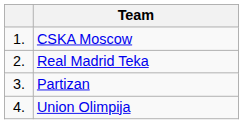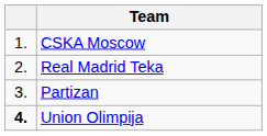 <table class="wikitable" style="text-align:center">
 <tr>
 <th width=25></th>
 <th width=220>Team</th>
 </tr>
 <tr>
 <td>1.</td>
 <td align=left> <a href='#'>CSKA Moscow</a></td>
 </tr>
 <tr>
 <td>2.</td>
 <td align=left> <a href='#'>Real Madrid Teka</a></td>
 </tr>
 <tr>
 <td>3.</td>
 <td align=left> <a href='#'>Partizan</a></td>
 </tr>
 <tr>
-<td>4.</td>
+<td><strong>4.</strong></td>
 <td align=left> <a href='#'>Union Olimpija</a></td>
 </tr>
 </table>
